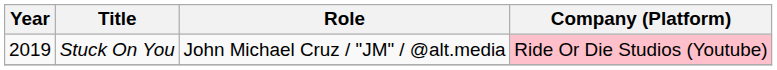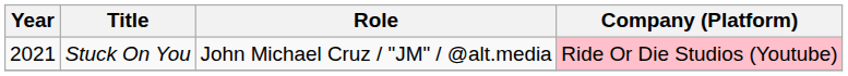 <table class="wikitable" style="text-align:center">
 <tr>
 <th>Year</th>
 <th>Title</th>
 <th>Role</th>
 <th>Company (Platform)</th>
 </tr>
 <tr>
-<td>2019</td>
+<td>2021</td>
 <td><em>Stuck On You</em></td>
 <td>John Michael Cruz / "JM" / @alt.media</td>
 <td style="background: pink;">Ride Or Die Studios (Youtube)</td>
 </tr>
 <tr>
 </tr>
 </table>
